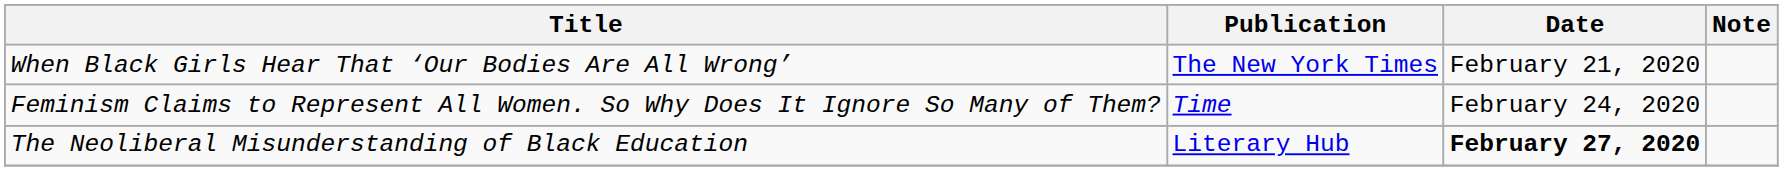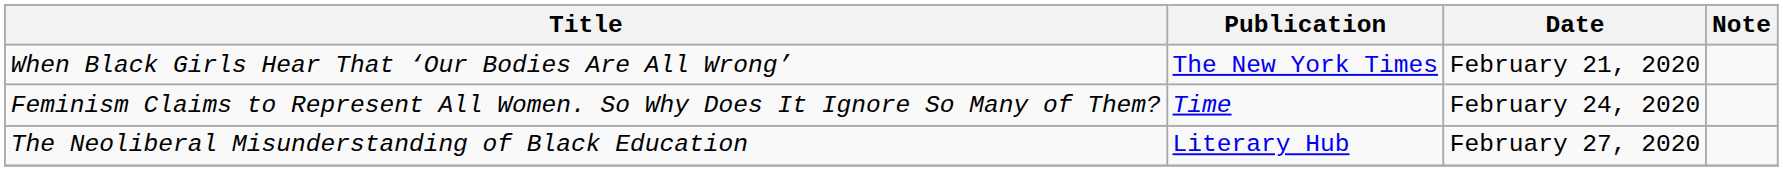 <table class="wikitable sortable">
 <tr>
 <th>Title</th>
 <th>Publication</th>
 <th>Date</th>
 <th>Note</th>
 </tr>
 <tr>
 <td><em>When Black Girls Hear That ‘Our Bodies Are All Wrong’</em></td>
 <td><a href='#'>The New York Times</a></td>
 <td>February 21, 2020</td>
 <td></td>
 </tr>
 <tr>
 <td><em>Feminism Claims to Represent All Women. So Why Does It Ignore So Many of Them?</em></td>
 <td><a href='#'><em>Time</em></a></td>
 <td>February 24, 2020</td>
 <td></td>
 </tr>
 <tr>
 <td><em>The Neoliberal Misunderstanding of Black Education</em></td>
 <td><a href='#'>Literary Hub</a></td>
-<td><strong>February 27, 2020</strong></td>
+<td>February 27, 2020</td>
 <td></td>
 </tr>
 <tr>
 </tr>
 </table>
